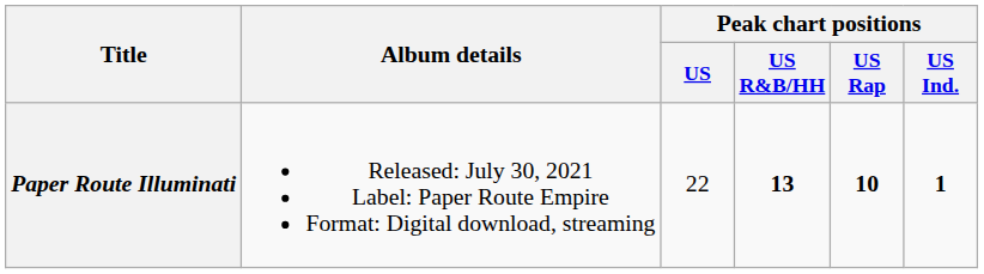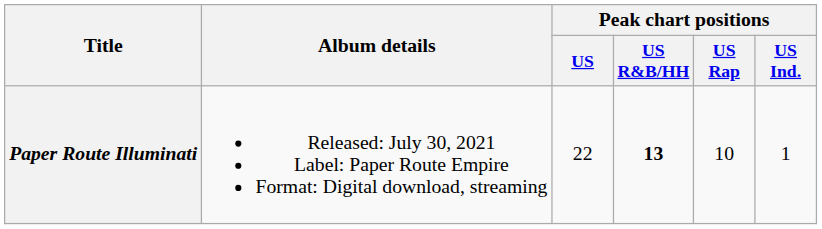 <table class="wikitable plainrowheaders" style="text-align:center;">
 <tr>
 <th scope="col" rowspan="2">Title</th>
 <th scope="col" rowspan="2">Album details</th>
 <th colspan="4" scope="col">Peak chart positions</th>
 </tr>
 <tr>
 <th style="width:3em; font-size:90%"><a href='#'>US</a><br></th>
 <th style="width:3em; font-size:90%"><a href='#'>US<br>R&B/HH</a><br></th>
 <th style="width:3em; font-size:90%"><a href='#'>US<br>Rap</a><br></th>
 <th style="width:3em; font-size:90%"><a href='#'>US<br>Ind.</a><br></th>
 </tr>
 <tr>
 <th scope="row"><em>Paper Route Illuminati</em><br></th>
 <td><br><ul><li>Released: July 30, 2021</li><li>Label: Paper Route Empire</li><li>Format: Digital download, streaming</li></ul></td>
 <td>22<br></td>
 <td><strong>13</strong></td>
-<td><strong>10</strong></td>
-<td><strong>1</strong></td>
+<td>10</td>
+<td>1</td>
 </tr>
 </table>
